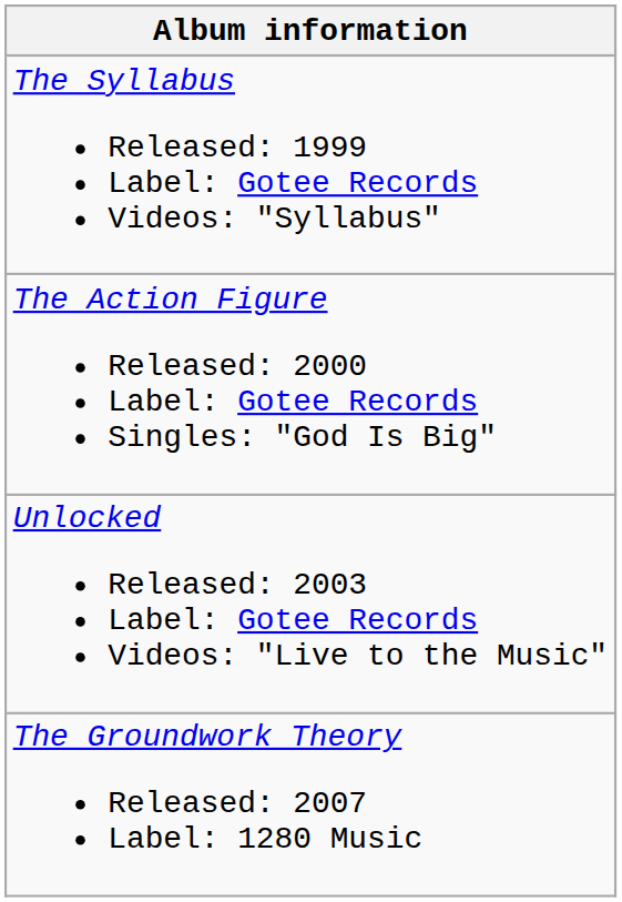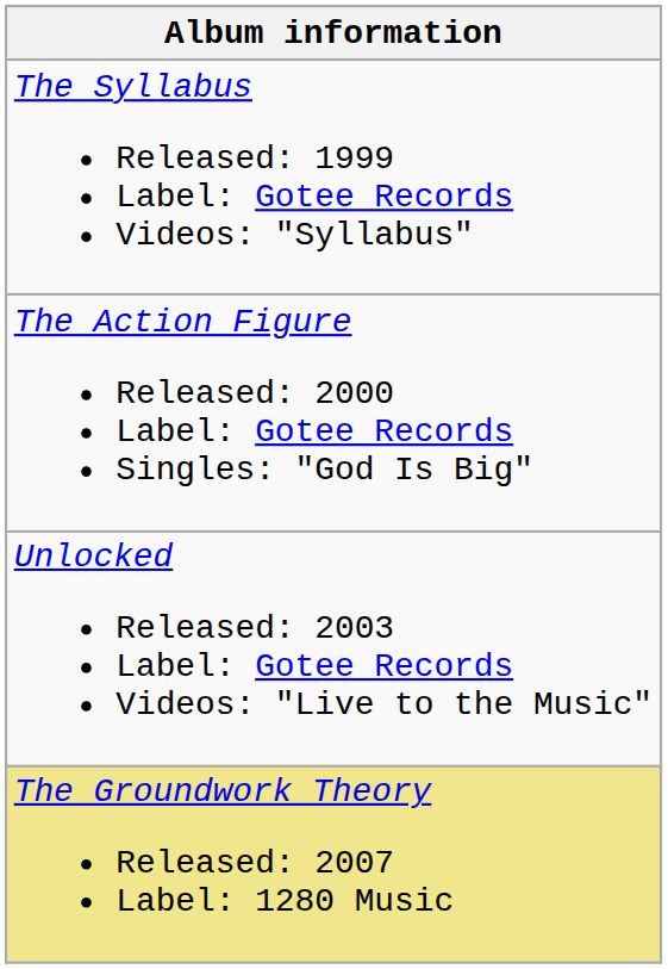 <table class="wikitable">
 <tr>
 <th>Album information</th>
 </tr>
 <tr>
 <td><em><a href='#'>The Syllabus</a></em><br><ul><li>Released: 1999</li><li>Label: <a href='#'>Gotee Records</a></li><li>Videos: "Syllabus"</li></ul></td>
 </tr>
 <tr>
 <td><em><a href='#'>The Action Figure</a></em><br><ul><li>Released: 2000</li><li>Label: <a href='#'>Gotee Records</a></li><li>Singles: "God Is Big"</li></ul></td>
 </tr>
 <tr>
 <td><em><a href='#'>Unlocked</a></em><br><ul><li>Released: 2003</li><li>Label: <a href='#'>Gotee Records</a></li><li>Videos: "Live to the Music"</li></ul></td>
 </tr>
 <tr>
-<td><em><a href='#'>The Groundwork Theory</a></em><br><ul><li>Released: 2007</li><li>Label: 1280 Music</li></ul></td>
+<td style="background: khaki;"><em><a href='#'>The Groundwork Theory</a></em><br><ul><li>Released: 2007</li><li>Label: 1280 Music</li></ul></td>
 </tr>
 </table>
